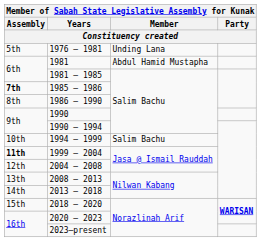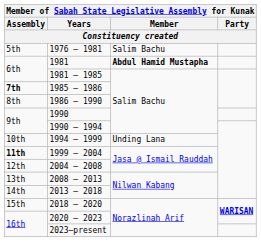 <table class="wikitable">
 <tr>
 <th colspan="4">Member of <a href='#'>Sabah State Legislative Assembly</a> for Kunak</th>
 </tr>
 <tr>
 <th>Assembly</th>
 <th>Years</th>
 <th>Member</th>
 <th>Party</th>
 </tr>
 <tr>
 <th colspan="4" align="center"><em>Constituency created</em></th>
 </tr>
 <tr>
 <td>5th</td>
 <td>1976 – 1981</td>
-<td>Unding Lana</td>
+<td>Salim Bachu</td>
 <td></td>
 </tr>
 <tr>
 <td rowspan="2">6th</td>
 <td>1981</td>
-<td>Abdul Hamid Mustapha</td>
+<td><strong>Abdul Hamid Mustapha</strong></td>
 <td></td>
 </tr>
 <tr>
 <td>1981 – 1985</td>
 <td rowspan="5">Salim Bachu</td>
 <td rowspan="3"></td>
 </tr>
 <tr>
 <td><strong>7th</strong></td>
 <td>1985 – 1986</td>
 </tr>
 <tr>
 <td>8th</td>
 <td>1986 – 1990</td>
 </tr>
 <tr>
 <td rowspan="2">9th</td>
 <td>1990</td>
 <td></td>
 </tr>
 <tr>
 <td>1990 – 1994</td>
 <td rowspan="6"></td>
 </tr>
 <tr>
 <td>10th</td>
 <td>1994 – 1999</td>
-<td>Salim Bachu</td>
+<td>Unding Lana</td>
 </tr>
 <tr>
 <td><strong>11th</strong></td>
 <td>1999 – 2004</td>
 <td rowspan="2"><a href='#'>Jasa @ Ismail Rauddah</a></td>
 </tr>
 <tr>
 <td>12th</td>
 <td>2004 – 2008</td>
 </tr>
 <tr>
 <td>13th</td>
 <td>2008 – 2013</td>
 <td rowspan="2"><a href='#'>Nilwan Kabang</a></td>
 </tr>
 <tr>
 <td>14th</td>
 <td>2013 – 2018</td>
 </tr>
 <tr>
 <td>15th</td>
 <td>2018 – 2020</td>
 <td rowspan="3"><a href='#'>Norazlinah Arif</a></td>
 <td rowspan="2"><strong><a href='#'>WARISAN</a></strong></td>
 </tr>
 <tr>
 <td rowspan="2"><a href='#'>16th</a></td>
 <td>2020 – 2023</td>
 </tr>
 <tr>
 <td>2023–present</td>
 <td></td>
 </tr>
 </table>
